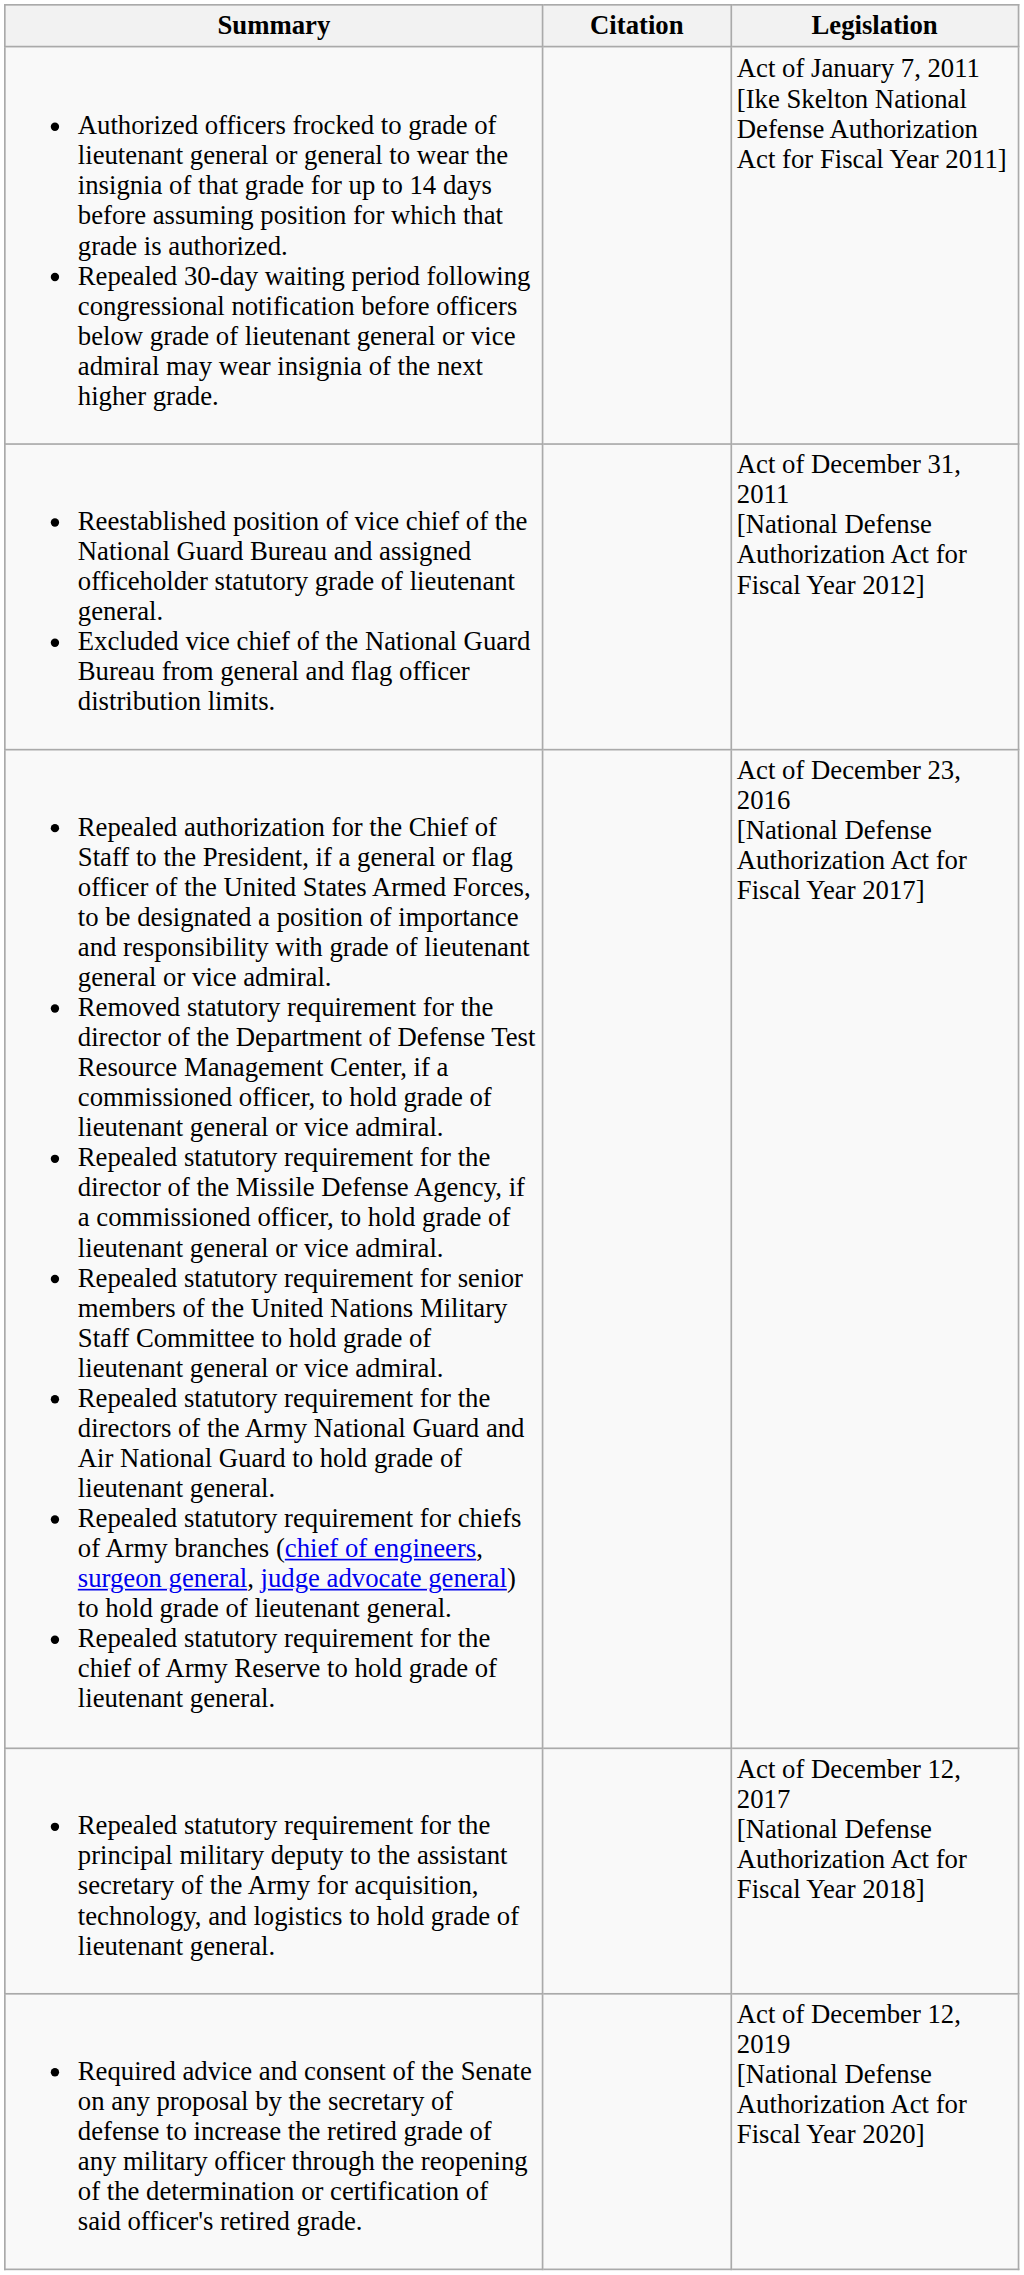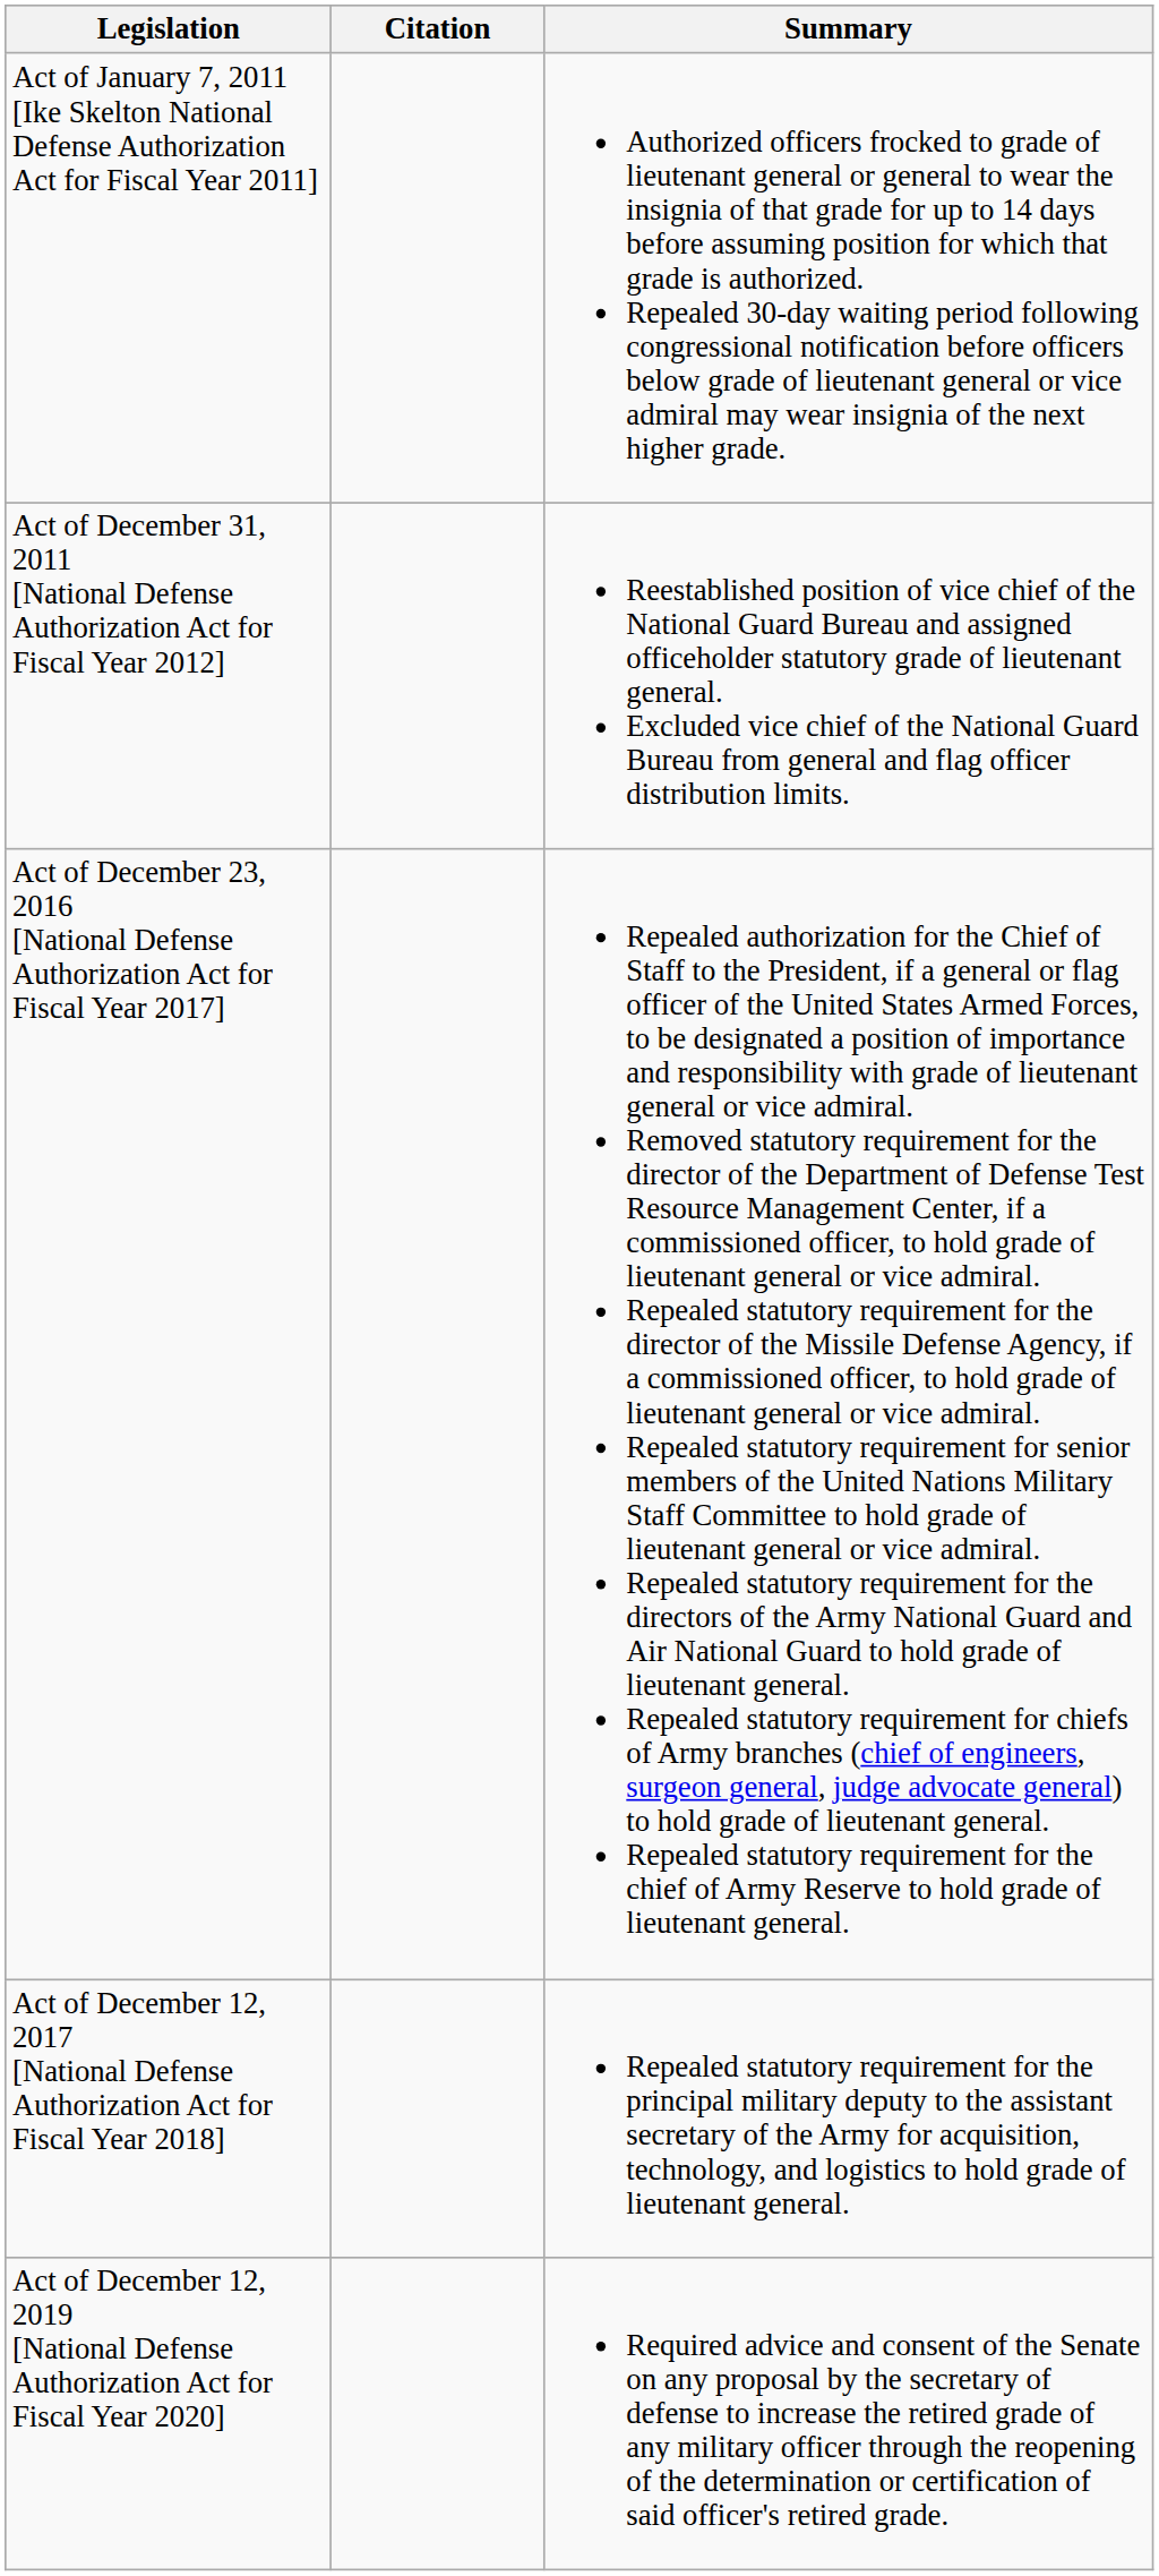 <table class="wikitable">
 <tr>
+<th width = 165>Legislation</th>
+<th width = 105>Citation</th>
 <th scope="col" class="unsortable">Summary</th>
-<th width = 105>Citation</th>
-<th width = 165>Legislation</th>
 </tr>
 <tr style="vertical-align: top;">
+<td>Act of January 7, 2011<br>[Ike Skelton National Defense Authorization Act for Fiscal Year 2011]</td>
+<td> <br> </td>
 <td><br><ul><li>Authorized officers frocked to grade of lieutenant general or general to wear the insignia of that grade for up to 14 days before assuming position for which that grade is authorized.</li><li>Repealed 30-day waiting period following congressional notification before officers below grade of lieutenant general or vice admiral may wear insignia of the next higher grade.</li></ul></td>
-<td> <br> </td>
-<td>Act of January 7, 2011<br>[Ike Skelton National Defense Authorization Act for Fiscal Year 2011]</td>
 </tr>
 <tr style="vertical-align: top;">
+<td>Act of December 31, 2011<br>[National Defense Authorization Act for Fiscal Year 2012]</td>
+<td> </td>
 <td><br><ul><li>Reestablished position of vice chief of the National Guard Bureau and assigned officeholder statutory grade of lieutenant general.</li><li>Excluded vice chief of the National Guard Bureau from general and flag officer distribution limits.</li></ul></td>
-<td> </td>
-<td>Act of December 31, 2011<br>[National Defense Authorization Act for Fiscal Year 2012]</td>
 </tr>
 <tr style="vertical-align: top;">
+<td>Act of December 23, 2016<br>[National Defense Authorization Act for Fiscal Year 2017]</td>
+<td> <br> <br> <br> <br> <br> </td>
 <td><br><ul><li>Repealed authorization for the Chief of Staff to the President, if a general or flag officer of the United States Armed Forces, to be designated a position of importance and responsibility with grade of lieutenant general or vice admiral.</li><li>Removed statutory requirement for the director of the Department of Defense Test Resource Management Center, if a commissioned officer, to hold grade of lieutenant general or vice admiral.</li><li>Repealed statutory requirement for the director of the Missile Defense Agency, if a commissioned officer, to hold grade of lieutenant general or vice admiral.</li><li>Repealed statutory requirement for senior members of the United Nations Military Staff Committee to hold grade of lieutenant general or vice admiral.</li><li>Repealed statutory requirement for the directors of the Army National Guard and Air National Guard to hold grade of lieutenant general.</li><li>Repealed statutory requirement for chiefs of Army branches (<a href='#'>chief of engineers</a>, <a href='#'>surgeon general</a>, <a href='#'>judge advocate general</a>) to hold grade of lieutenant general.</li><li>Repealed statutory requirement for the chief of Army Reserve to hold grade of lieutenant general.</li></ul></td>
-<td> <br> <br> <br> <br> <br> </td>
-<td>Act of December 23, 2016<br>[National Defense Authorization Act for Fiscal Year 2017]</td>
 </tr>
 <tr style="vertical-align: top;">
+<td>Act of December 12, 2017<br>[National Defense Authorization Act for Fiscal Year 2018]</td>
+<td> </td>
 <td><br><ul><li>Repealed statutory requirement for the principal military deputy to the assistant secretary of the Army for acquisition, technology, and logistics to hold grade of lieutenant general.</li></ul></td>
-<td> </td>
-<td>Act of December 12, 2017<br>[National Defense Authorization Act for Fiscal Year 2018]</td>
 </tr>
 <tr style="vertical-align: top;">
+<td>Act of December 12, 2019<br>[National Defense Authorization Act for Fiscal Year 2020]</td>
+<td> </td>
 <td><br><ul><li>Required advice and consent of the Senate on any proposal by the secretary of defense to increase the retired grade of any military officer through the reopening of the determination or certification of said officer's retired grade.</li></ul></td>
-<td> </td>
-<td>Act of December 12, 2019<br>[National Defense Authorization Act for Fiscal Year 2020]</td>
 </tr>
 </table>
